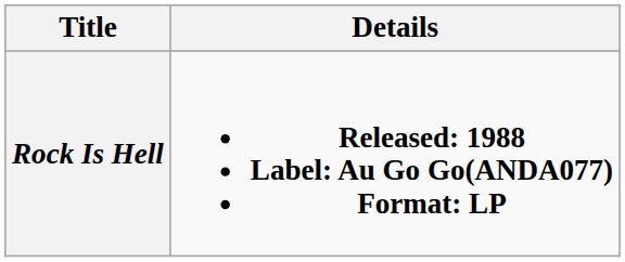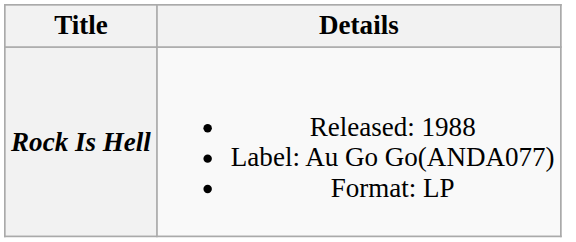 <table class="wikitable plainrowheaders" style="text-align:center;" border="1">
 <tr>
 <th>Title</th>
 <th>Details</th>
 </tr>
 <tr>
 <th scope="row"><em>Rock Is Hell</em></th>
-<td><strong><br><ul><li>Released: 1988</li><li>Label: Au Go Go(ANDA077)</li><li>Format: LP</li></ul></strong></td>
+<td><br><ul><li>Released: 1988</li><li>Label: Au Go Go(ANDA077)</li><li>Format: LP</li></ul></td>
 </tr>
 </table>
